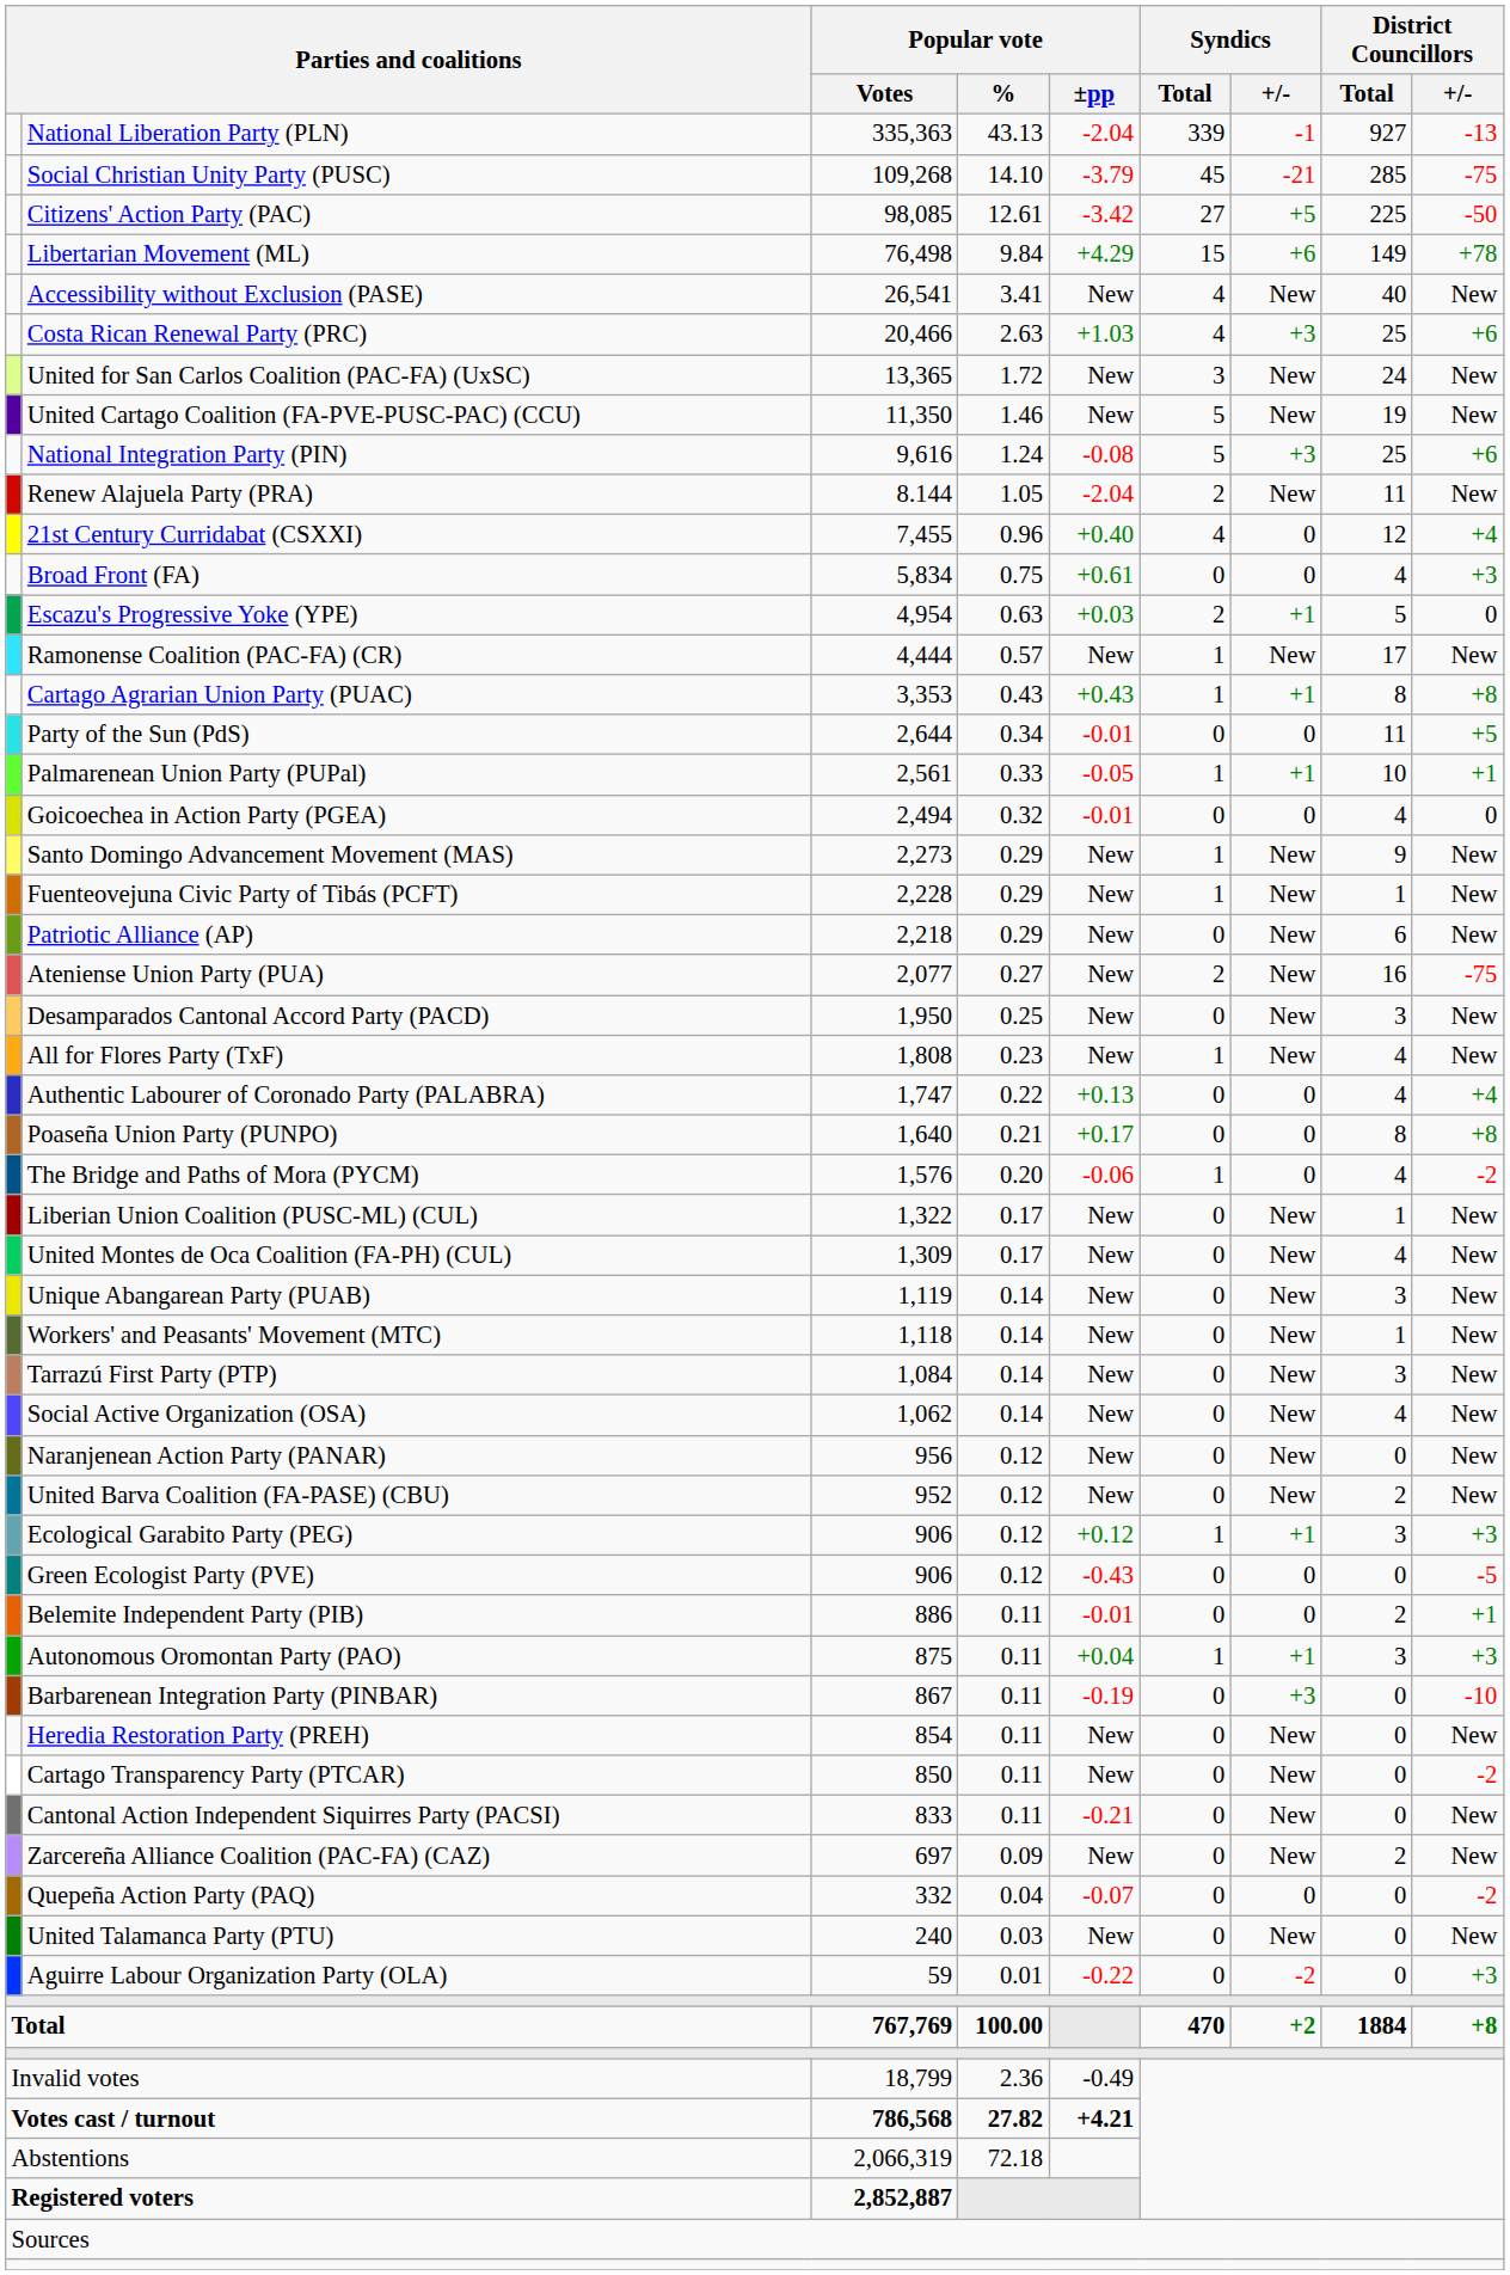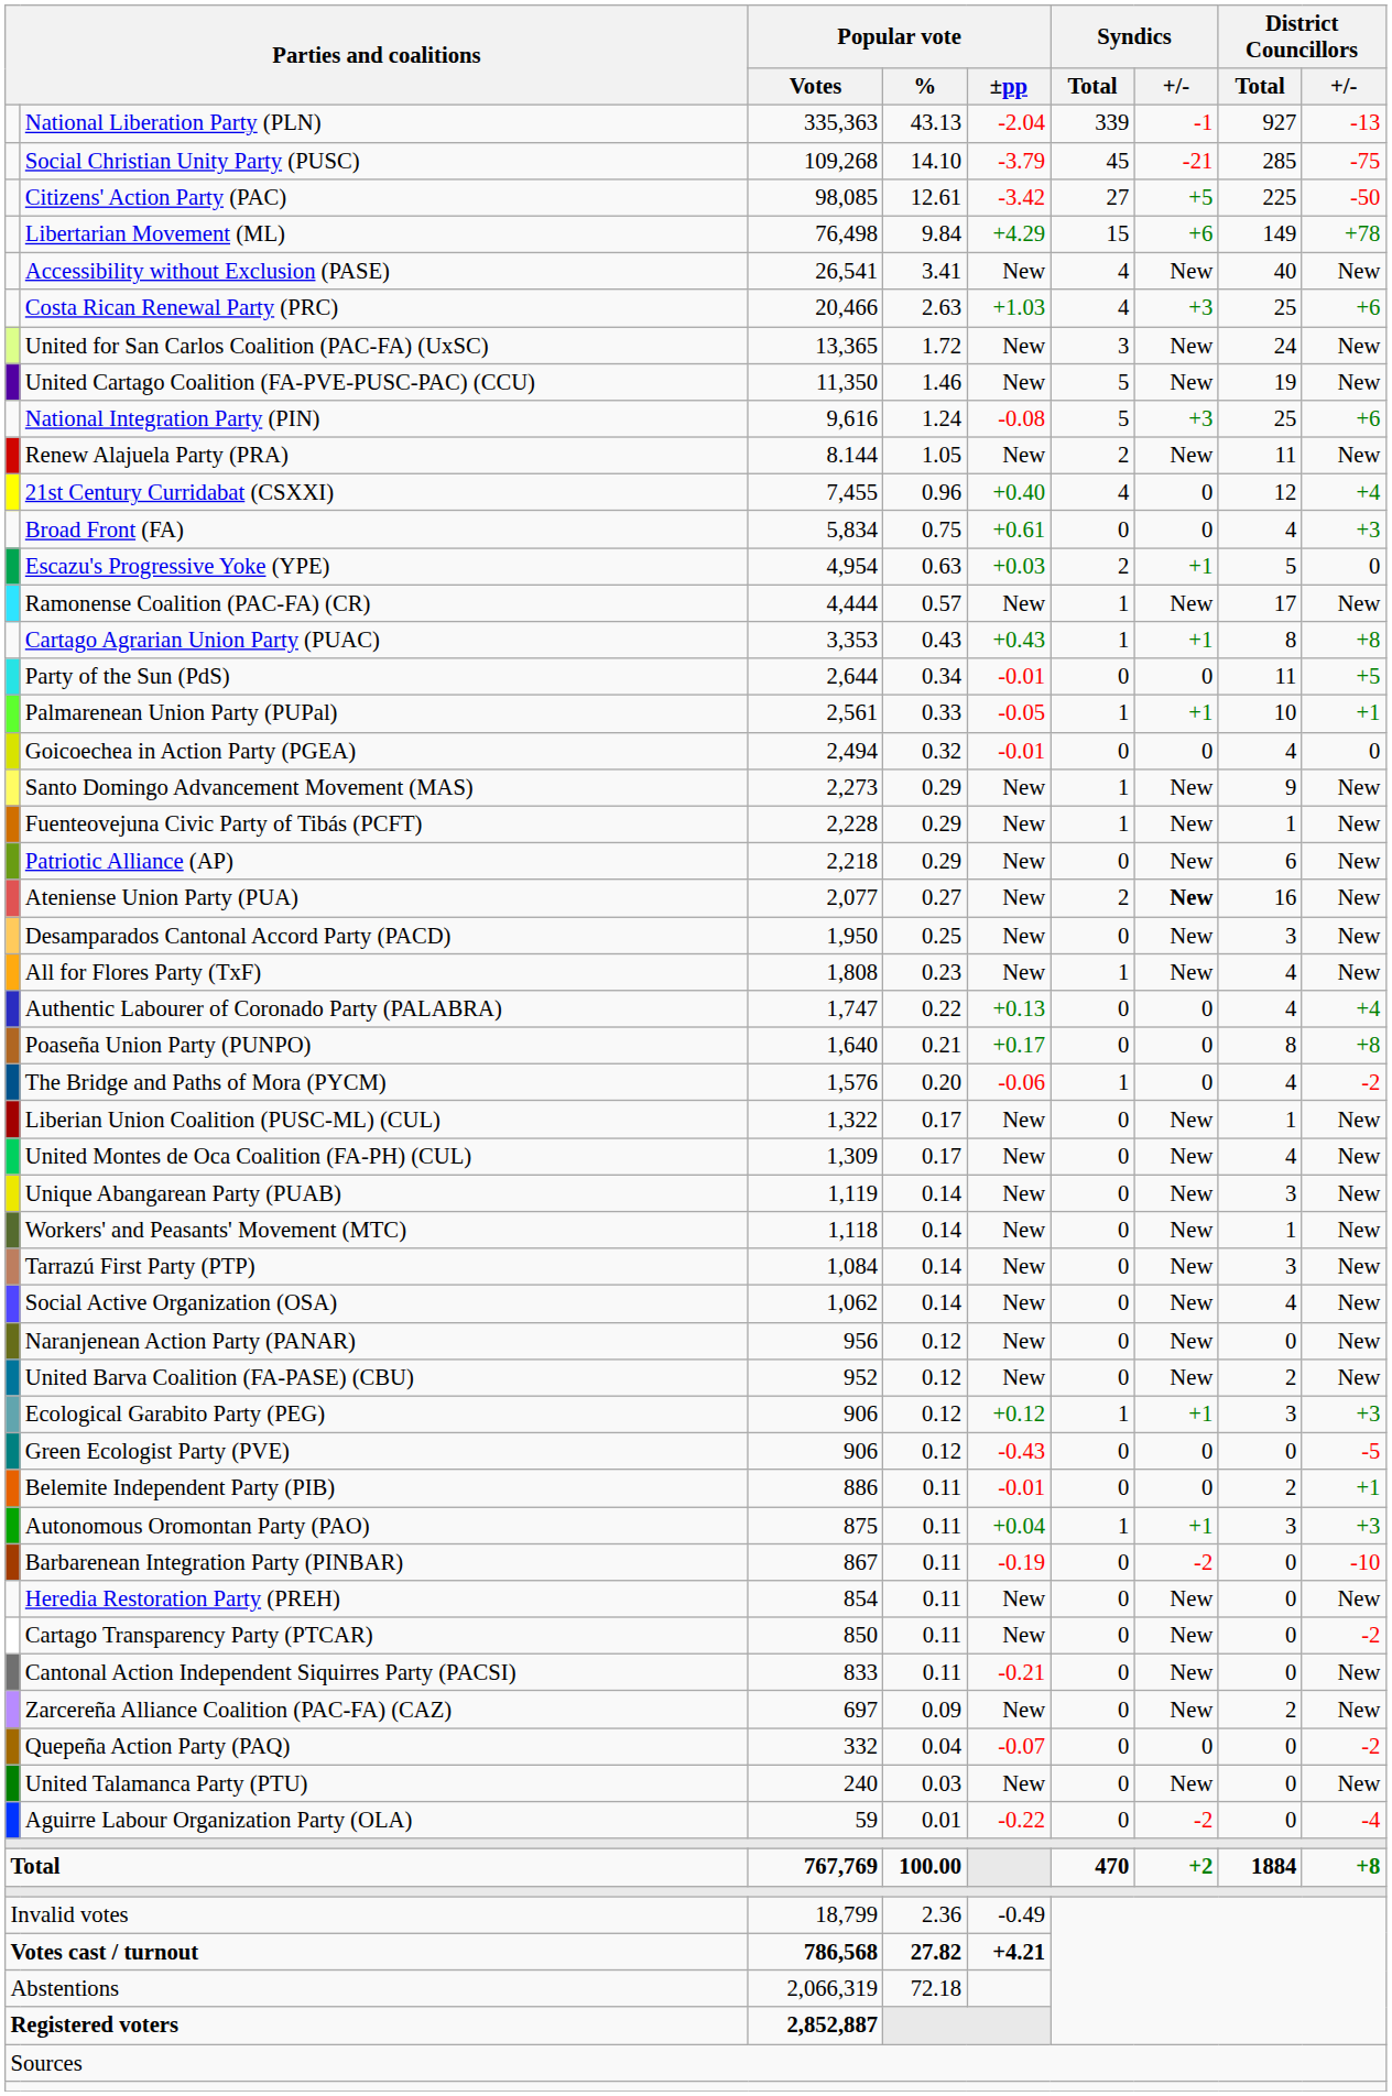 <table class="wikitable" style="text-align:right; font-size:97%;">
 <tr>
 <th style="text-align:centre;" rowspan="2" colspan="2" width="500">Parties and coalitions</th>
 <th colspan="3">Popular vote</th>
 <th colspan="2">Syndics</th>
 <th colspan="2">District Councillors</th>
 </tr>
 <tr>
 <th width="85">Votes</th>
 <th width="50">%</th>
 <th width="50">±<a href='#'>pp</a></th>
 <th width="50">Total</th>
 <th width="50">+/-</th>
 <th width="50">Total</th>
 <th width="50">+/-</th>
 </tr>
 <tr>
 <td style="color:inherit;background:"></td>
 <td align="left"><a href='#'>National Liberation Party</a> (PLN)</td>
 <td>335,363</td>
 <td>43.13</td>
 <td style="color:red;">-2.04</td>
 <td>339</td>
 <td style="color:red;">-1</td>
 <td>927</td>
 <td style="color:red;">-13</td>
 </tr>
 <tr>
 <td style="color:inherit;background:"></td>
 <td align="left"><a href='#'>Social Christian Unity Party</a> (PUSC)</td>
 <td>109,268</td>
 <td>14.10</td>
 <td style="color:red;">-3.79</td>
 <td>45</td>
 <td style="color:red;">-21</td>
 <td>285</td>
 <td style="color:red;">-75</td>
 </tr>
 <tr>
 <td style="color:inherit;background:"></td>
 <td align="left"><a href='#'>Citizens' Action Party</a> (PAC)</td>
 <td>98,085</td>
 <td>12.61</td>
 <td style="color:red;">-3.42</td>
 <td>27</td>
 <td style="color:green;">+5</td>
 <td>225</td>
 <td style="color:red;">-50</td>
 </tr>
 <tr>
 <td style="color:inherit;background:"></td>
 <td align="left"><a href='#'>Libertarian Movement</a> (ML)</td>
 <td>76,498</td>
 <td>9.84</td>
 <td style="color:green;">+4.29</td>
 <td>15</td>
 <td style="color:green;">+6</td>
 <td>149</td>
 <td style="color:green;">+78</td>
 </tr>
 <tr>
 <td style="color:inherit;background:"></td>
 <td align="left"><a href='#'>Accessibility without Exclusion</a> (PASE)</td>
 <td>26,541</td>
 <td>3.41</td>
 <td>New</td>
 <td>4</td>
 <td>New</td>
 <td>40</td>
 <td>New</td>
 </tr>
 <tr>
 <td style="color:inherit;background:"></td>
 <td align="left"><a href='#'>Costa Rican Renewal Party</a> (PRC)</td>
 <td>20,466</td>
 <td>2.63</td>
 <td style="color:green;">+1.03</td>
 <td>4</td>
 <td style="color:green;">+3</td>
 <td>25</td>
 <td style="color:green;">+6</td>
 </tr>
 <tr>
 <td style="color:inherit;background:#DCFF8B"></td>
 <td align="left">United for San Carlos Coalition (PAC-FA) (UxSC)</td>
 <td>13,365</td>
 <td>1.72</td>
 <td>New</td>
 <td>3</td>
 <td>New</td>
 <td>24</td>
 <td>New</td>
 </tr>
 <tr>
 <td style="color:inherit;background:#5200A2"></td>
 <td align="left">United Cartago Coalition (FA-PVE-PUSC-PAC) (CCU)</td>
 <td>11,350</td>
 <td>1.46</td>
 <td>New</td>
 <td>5</td>
 <td>New</td>
 <td>19</td>
 <td>New</td>
 </tr>
 <tr>
 <td style="color:inherit;background:"></td>
 <td align="left"><a href='#'>National Integration Party</a> (PIN)</td>
 <td>9,616</td>
 <td>1.24</td>
 <td style="color:red;">-0.08</td>
 <td>5</td>
 <td style="color:green;">+3</td>
 <td>25</td>
 <td style="color:green;">+6</td>
 </tr>
 <tr>
 <td style="color:inherit;background:#D00500"></td>
 <td align="left">Renew Alajuela Party (PRA)</td>
 <td>8.144</td>
 <td>1.05</td>
-<td style="color:red;">-2.04</td>
+<td>New</td>
 <td>2</td>
 <td>New</td>
 <td>11</td>
 <td>New</td>
 </tr>
 <tr>
 <td style="color:inherit;background:#ffff00"></td>
 <td align="left"><a href='#'>21st Century Curridabat</a> (CSXXI)</td>
 <td>7,455</td>
 <td>0.96</td>
 <td style="color:green;">+0.40</td>
 <td>4</td>
 <td>0</td>
 <td>12</td>
 <td style="color:green;">+4</td>
 </tr>
 <tr>
 <td style="color:inherit;background:"></td>
 <td align="left"><a href='#'>Broad Front</a> (FA)</td>
 <td>5,834</td>
 <td>0.75</td>
 <td style="color:green;">+0.61</td>
 <td>0</td>
 <td>0</td>
 <td>4</td>
 <td style="color:green;">+3</td>
 </tr>
 <tr>
 <td style="color:inherit;background:#00A550"></td>
 <td align="left"><a href='#'>Escazu's Progressive Yoke</a> (YPE)</td>
 <td>4,954</td>
 <td>0.63</td>
 <td style="color:green;">+0.03</td>
 <td>2</td>
 <td style="color:green;">+1</td>
 <td>5</td>
 <td>0</td>
 </tr>
 <tr>
 <td style="color:inherit;background:#2EE4FF"></td>
 <td align="left">Ramonense Coalition (PAC-FA) (CR)</td>
 <td>4,444</td>
 <td>0.57</td>
 <td>New</td>
 <td>1</td>
 <td>New</td>
 <td>17</td>
 <td>New</td>
 </tr>
 <tr>
 <td style="color:inherit;background:"></td>
 <td align="left"><a href='#'>Cartago Agrarian Union Party</a> (PUAC)</td>
 <td>3,353</td>
 <td>0.43</td>
 <td style="color:green;">+0.43</td>
 <td>1</td>
 <td style="color:green;">+1</td>
 <td>8</td>
 <td style="color:green;">+8</td>
 </tr>
 <tr>
 <td style="color:inherit;background:#27E3E5"></td>
 <td align="left">Party of the Sun (PdS)</td>
 <td>2,644</td>
 <td>0.34</td>
 <td style="color:red;">-0.01</td>
 <td>0</td>
 <td>0</td>
 <td>11</td>
 <td style="color:green;">+5</td>
 </tr>
 <tr>
 <td style="color:inherit;background:#5DFF2E"></td>
 <td align="left">Palmarenean Union Party (PUPal)</td>
 <td>2,561</td>
 <td>0.33</td>
 <td style="color:red;">-0.05</td>
 <td>1</td>
 <td style="color:green;">+1</td>
 <td>10</td>
 <td style="color:green;">+1</td>
 </tr>
 <tr>
 <td style="color:inherit;background:#d8e300"></td>
 <td align="left">Goicoechea in Action Party (PGEA)</td>
 <td>2,494</td>
 <td>0.32</td>
 <td style="color:red;">-0.01</td>
 <td>0</td>
 <td>0</td>
 <td>4</td>
 <td>0</td>
 </tr>
 <tr>
 <td style="color:inherit;background:#FFFC63"></td>
 <td align="left">Santo Domingo Advancement Movement (MAS)</td>
 <td>2,273</td>
 <td>0.29</td>
 <td>New</td>
 <td>1</td>
 <td>New</td>
 <td>9</td>
 <td>New</td>
 </tr>
 <tr>
 <td style="color:inherit;background:#D06F00"></td>
 <td align="left">Fuenteovejuna Civic Party of Tibás (PCFT)</td>
 <td>2,228</td>
 <td>0.29</td>
 <td>New</td>
 <td>1</td>
 <td>New</td>
 <td>1</td>
 <td>New</td>
 </tr>
 <tr>
 <td style="color:inherit;background:#699C13"></td>
 <td align="left"><a href='#'>Patriotic Alliance</a> (AP)</td>
 <td>2,218</td>
 <td>0.29</td>
 <td>New</td>
 <td>0</td>
 <td>New</td>
 <td>6</td>
 <td>New</td>
 </tr>
 <tr>
 <td style="color:inherit;background:#E05353"></td>
 <td align="left">Ateniense Union Party (PUA)</td>
 <td>2,077</td>
 <td>0.27</td>
 <td>New</td>
 <td>2</td>
+<td><strong>New</strong></td>
+<td>16</td>
 <td>New</td>
-<td>16</td>
-<td style="color:red;">-75</td>
 </tr>
 <tr>
 <td style="color:inherit;background:#FFCA5C"></td>
 <td align="left">Desamparados Cantonal Accord Party (PACD)</td>
 <td>1,950</td>
 <td>0.25</td>
 <td>New</td>
 <td>0</td>
 <td>New</td>
 <td>3</td>
 <td>New</td>
 </tr>
 <tr>
 <td style="color:inherit;background:#FFAA10"></td>
 <td align="left">All for Flores Party (TxF)</td>
 <td>1,808</td>
 <td>0.23</td>
 <td>New</td>
 <td>1</td>
 <td>New</td>
 <td>4</td>
 <td>New</td>
 </tr>
 <tr>
 <td style="color:inherit;background:#2A2CC1"></td>
 <td align="left">Authentic Labourer of Coronado Party (PALABRA)</td>
 <td>1,747</td>
 <td>0.22</td>
 <td style="color:green;">+0.13</td>
 <td>0</td>
 <td>0</td>
 <td>4</td>
 <td style="color:green;">+4</td>
 </tr>
 <tr>
 <td style="color:inherit;background:#B06622"></td>
 <td align="left">Poaseña Union Party (PUNPO)</td>
 <td>1,640</td>
 <td>0.21</td>
 <td style="color:green;">+0.17</td>
 <td>0</td>
 <td>0</td>
 <td>8</td>
 <td style="color:green;">+8</td>
 </tr>
 <tr>
 <td style="color:inherit;background:#00528B"></td>
 <td align="left">The Bridge and Paths of Mora (PYCM)</td>
 <td>1,576</td>
 <td>0.20</td>
 <td style="color:red;">-0.06</td>
 <td>1</td>
 <td>0</td>
 <td>4</td>
 <td style="color:red;">-2</td>
 </tr>
 <tr>
 <td style="color:inherit;background:#A20000"></td>
 <td align="left">Liberian Union Coalition (PUSC-ML) (CUL)</td>
 <td>1,322</td>
 <td>0.17</td>
 <td>New</td>
 <td>0</td>
 <td>New</td>
 <td>1</td>
 <td>New</td>
 </tr>
 <tr>
 <td style="color:inherit;background:#00D05E"></td>
 <td align="left">United Montes de Oca Coalition (FA-PH) (CUL)</td>
 <td>1,309</td>
 <td>0.17</td>
 <td>New</td>
 <td>0</td>
 <td>New</td>
 <td>4</td>
 <td>New</td>
 </tr>
 <tr>
 <td style="color:inherit;background:#EDE800"></td>
 <td align="left">Unique Abangarean Party (PUAB)</td>
 <td>1,119</td>
 <td>0.14</td>
 <td>New</td>
 <td>0</td>
 <td>New</td>
 <td>3</td>
 <td>New</td>
 </tr>
 <tr>
 <td style="color:inherit;background:#556B2F"></td>
 <td align="left">Workers' and Peasants' Movement (MTC)</td>
 <td>1,118</td>
 <td>0.14</td>
 <td>New</td>
 <td>0</td>
 <td>New</td>
 <td>1</td>
 <td>New</td>
 </tr>
 <tr>
 <td style="color:inherit;background:#bd7e5f"></td>
 <td align="left">Tarrazú First Party (PTP)</td>
 <td>1,084</td>
 <td>0.14</td>
 <td>New</td>
 <td>0</td>
 <td>New</td>
 <td>3</td>
 <td>New</td>
 </tr>
 <tr>
 <td style="color:inherit;background:#4F45FF"></td>
 <td align="left">Social Active Organization (OSA)</td>
 <td>1,062</td>
 <td>0.14</td>
 <td>New</td>
 <td>0</td>
 <td>New</td>
 <td>4</td>
 <td>New</td>
 </tr>
 <tr>
 <td style="color:inherit;background:#666D19"></td>
 <td align="left">Naranjenean Action Party (PANAR)</td>
 <td>956</td>
 <td>0.12</td>
 <td>New</td>
 <td>0</td>
 <td>New</td>
 <td>0</td>
 <td>New</td>
 </tr>
 <tr>
 <td style="color:inherit;background:#00759B"></td>
 <td align="left">United Barva Coalition (FA-PASE) (CBU)</td>
 <td>952</td>
 <td>0.12</td>
 <td>New</td>
 <td>0</td>
 <td>New</td>
 <td>2</td>
 <td>New</td>
 </tr>
 <tr>
 <td style="color:inherit;background:#61A5AE"></td>
 <td align="left">Ecological Garabito Party (PEG)</td>
 <td>906</td>
 <td>0.12</td>
 <td style="color:green;">+0.12</td>
 <td>1</td>
 <td style="color:green;">+1</td>
 <td>3</td>
 <td style="color:green;">+3</td>
 </tr>
 <tr>
 <td style="color:inherit;background:#008080"></td>
 <td align="left">Green Ecologist Party (PVE)</td>
 <td>906</td>
 <td>0.12</td>
 <td style="color:red;">-0.43</td>
 <td>0</td>
 <td>0</td>
 <td>0</td>
 <td style="color:red;">-5</td>
 </tr>
 <tr>
 <td style="color:inherit;background:#E76100"></td>
 <td align="left">Belemite Independent Party (PIB)</td>
 <td>886</td>
 <td>0.11</td>
 <td style="color:red;">-0.01</td>
 <td>0</td>
 <td>0</td>
 <td>2</td>
 <td style="color:green;">+1</td>
 </tr>
 <tr>
 <td style="color:inherit;background:#03A500"></td>
 <td align="left">Autonomous Oromontan Party (PAO)</td>
 <td>875</td>
 <td>0.11</td>
 <td style="color:green;">+0.04</td>
 <td>1</td>
 <td style="color:green;">+1</td>
 <td>3</td>
 <td style="color:green;">+3</td>
 </tr>
 <tr>
 <td style="color:inherit;background:#A23B00"></td>
 <td align="left">Barbarenean Integration Party (PINBAR)</td>
 <td>867</td>
 <td>0.11</td>
 <td style="color:red;">-0.19</td>
 <td>0</td>
-<td style="color:green;">+3</td>
+<td style="color:red;">-2</td>
 <td>0</td>
 <td style="color:red;">-10</td>
 </tr>
 <tr>
 <td style="color:inherit;background:"></td>
 <td align="left"><a href='#'>Heredia Restoration Party</a> (PREH)</td>
 <td>854</td>
 <td>0.11</td>
 <td>New</td>
 <td>0</td>
 <td>New</td>
 <td>0</td>
 <td>New</td>
 </tr>
 <tr>
 <td style="color:inherit;background:#ffffff"></td>
 <td align="left">Cartago Transparency Party (PTCAR)</td>
 <td>850</td>
 <td>0.11</td>
 <td>New</td>
 <td>0</td>
 <td>New</td>
 <td>0</td>
 <td style="color:red;">-2</td>
 </tr>
 <tr>
 <td style="color:inherit;background:#707070"></td>
 <td align="left">Cantonal Action Independent Siquirres Party (PACSI)</td>
 <td>833</td>
 <td>0.11</td>
 <td style="color:red;">-0.21</td>
 <td>0</td>
 <td>New</td>
 <td>0</td>
 <td>New</td>
 </tr>
 <tr>
 <td style="color:inherit;background:#B88BFF"></td>
 <td align="left">Zarcereña Alliance Coalition (PAC-FA) (CAZ)</td>
 <td>697</td>
 <td>0.09</td>
 <td>New</td>
 <td>0</td>
 <td>New</td>
 <td>2</td>
 <td>New</td>
 </tr>
 <tr>
 <td style="color:inherit;background:#A26900"></td>
 <td align="left">Quepeña Action Party (PAQ)</td>
 <td>332</td>
 <td>0.04</td>
 <td style="color:red;">-0.07</td>
 <td>0</td>
 <td>0</td>
 <td>0</td>
 <td style="color:red;">-2</td>
 </tr>
 <tr>
 <td bgcolor="green"></td>
 <td align="left">United Talamanca Party (PTU)</td>
 <td>240</td>
 <td>0.03</td>
 <td>New</td>
 <td>0</td>
 <td>New</td>
 <td>0</td>
 <td>New</td>
 </tr>
 <tr>
 <td style="color:inherit;background:#0033FF"></td>
 <td align="left">Aguirre Labour Organization Party (OLA)</td>
 <td>59</td>
 <td>0.01</td>
 <td style="color:red;">-0.22</td>
 <td>0</td>
 <td style="color:red;">-2</td>
 <td>0</td>
-<td style="color:green;">+3</td>
+<td style="color:red;">-4</td>
 </tr>
 <tr>
 <td colspan="15" bgcolor="#E9E9E9"></td>
 </tr>
 <tr style="font-weight:bold;">
 <td align="left" colspan="2">Total</td>
 <td>767,769</td>
 <td>100.00</td>
 <td bgcolor="#E9E9E9"></td>
 <td>470</td>
 <td style="color:green;">+2</td>
 <td>1884</td>
 <td style="color:green;">+8</td>
 </tr>
 <tr>
 <td colspan="15" bgcolor="#E9E9E9"></td>
 </tr>
 <tr>
 <td align="left" colspan="2">Invalid votes</td>
 <td>18,799</td>
 <td>2.36</td>
 <td>-0.49</td>
 <td rowspan="4" colspan="4"></td>
 </tr>
 <tr style="font-weight:bold;">
 <td align="left" colspan="2">Votes cast / turnout</td>
 <td>786,568</td>
 <td>27.82</td>
 <td>+4.21</td>
 </tr>
 <tr>
 <td align="left" colspan="2">Abstentions</td>
 <td>2,066,319</td>
 <td>72.18</td>
 <td></td>
 </tr>
 <tr style="font-weight:bold;">
 <td align="left" colspan="2">Registered voters</td>
 <td>2,852,887</td>
 <td bgcolor="#E9E9E9" colspan="2"></td>
 </tr>
 <tr>
 <td align="left" colspan="9">Sources</td>
 </tr>
 <tr>
 <td align="left" colspan="9"></td>
 </tr>
 </table>
